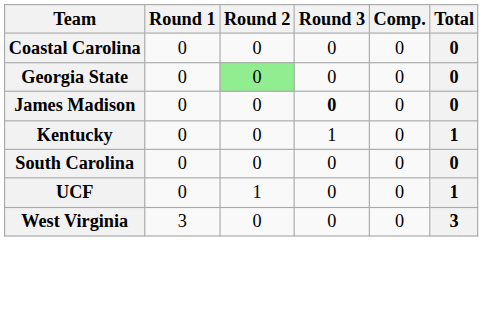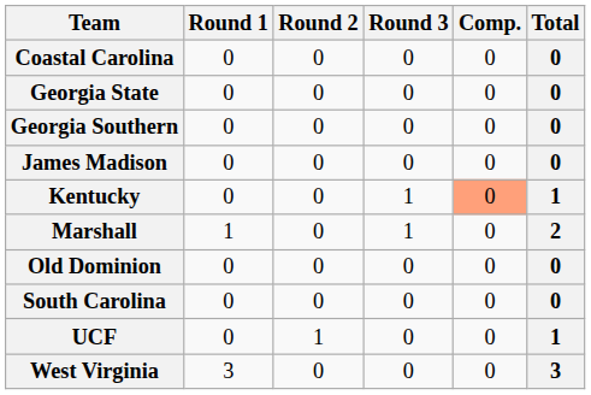 <table class="wikitable sortable" style="text-align:center;">
 <tr>
 <th>Team</th>
 <th>Round 1</th>
 <th>Round 2</th>
 <th>Round 3</th>
 <th>Comp.</th>
 <th>Total</th>
 </tr>
 <tr>
 <th>Coastal Carolina</th>
 <td>0</td>
 <td>0</td>
 <td>0</td>
 <td>0</td>
 <th>0</th>
 </tr>
 <tr>
 <th>Georgia State</th>
 <td>0</td>
-<td style="background: lightgreen;">0</td>
+<td>0</td>
+<td>0</td>
+<td>0</td>
+<th>0</th>
+</tr>
+<tr>
+<th>Georgia Southern</th>
+<td>0</td>
+<td>0</td>
 <td>0</td>
 <td>0</td>
 <th>0</th>
 </tr>
 <tr>
 <th>James Madison</th>
 <td>0</td>
 <td>0</td>
-<td><strong>0</strong></td>
+<td>0</td>
 <td>0</td>
 <th>0</th>
 </tr>
 <tr>
 <th>Kentucky</th>
 <td>0</td>
 <td>0</td>
 <td>1</td>
+<td style="background: lightsalmon;">0</td>
+<th>1</th>
+</tr>
+<tr>
+<th>Marshall</th>
+<td>1</td>
 <td>0</td>
-<th>1</th>
+<td>1</td>
+<td>0</td>
+<th>2</th>
+</tr>
+<tr>
+<th>Old Dominion</th>
+<td>0</td>
+<td>0</td>
+<td>0</td>
+<td>0</td>
+<th>0</th>
 </tr>
 <tr>
 <th>South Carolina</th>
 <td>0</td>
 <td>0</td>
 <td>0</td>
 <td>0</td>
 <th>0</th>
 </tr>
 <tr>
 <th>UCF</th>
 <td>0</td>
 <td>1</td>
 <td>0</td>
 <td>0</td>
 <th>1</th>
 </tr>
 <tr>
 <th>West Virginia</th>
 <td>3</td>
 <td>0</td>
 <td>0</td>
 <td>0</td>
 <th>3</th>
 </tr>
 </table>
